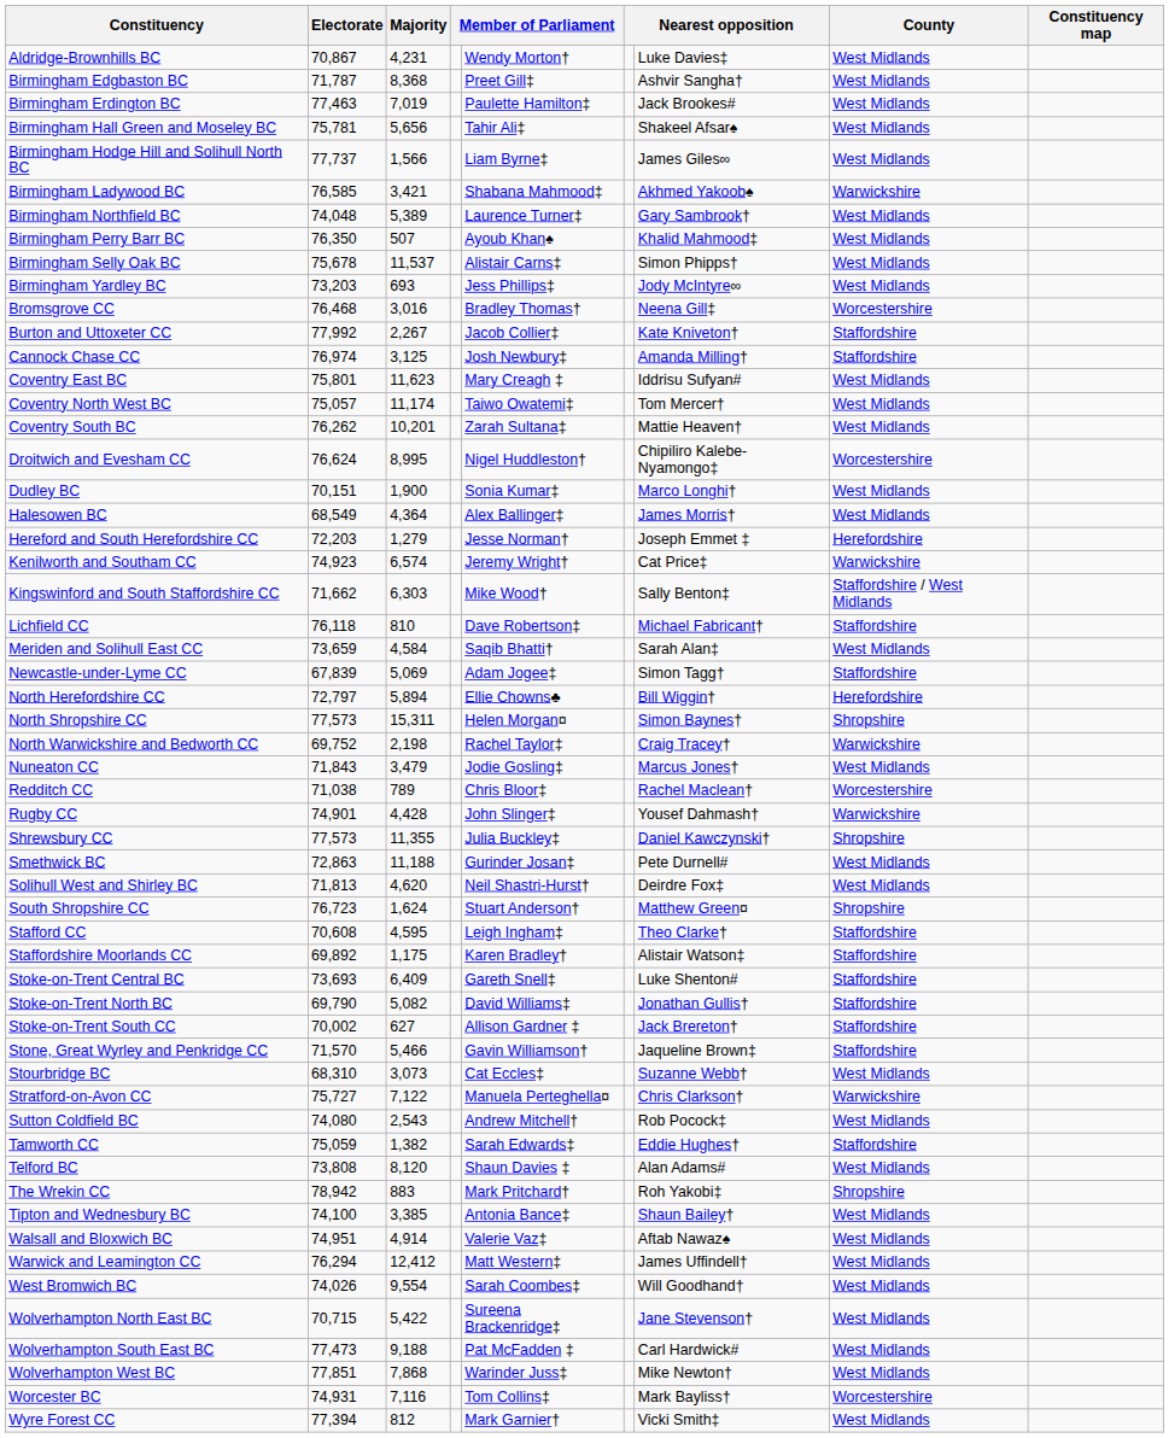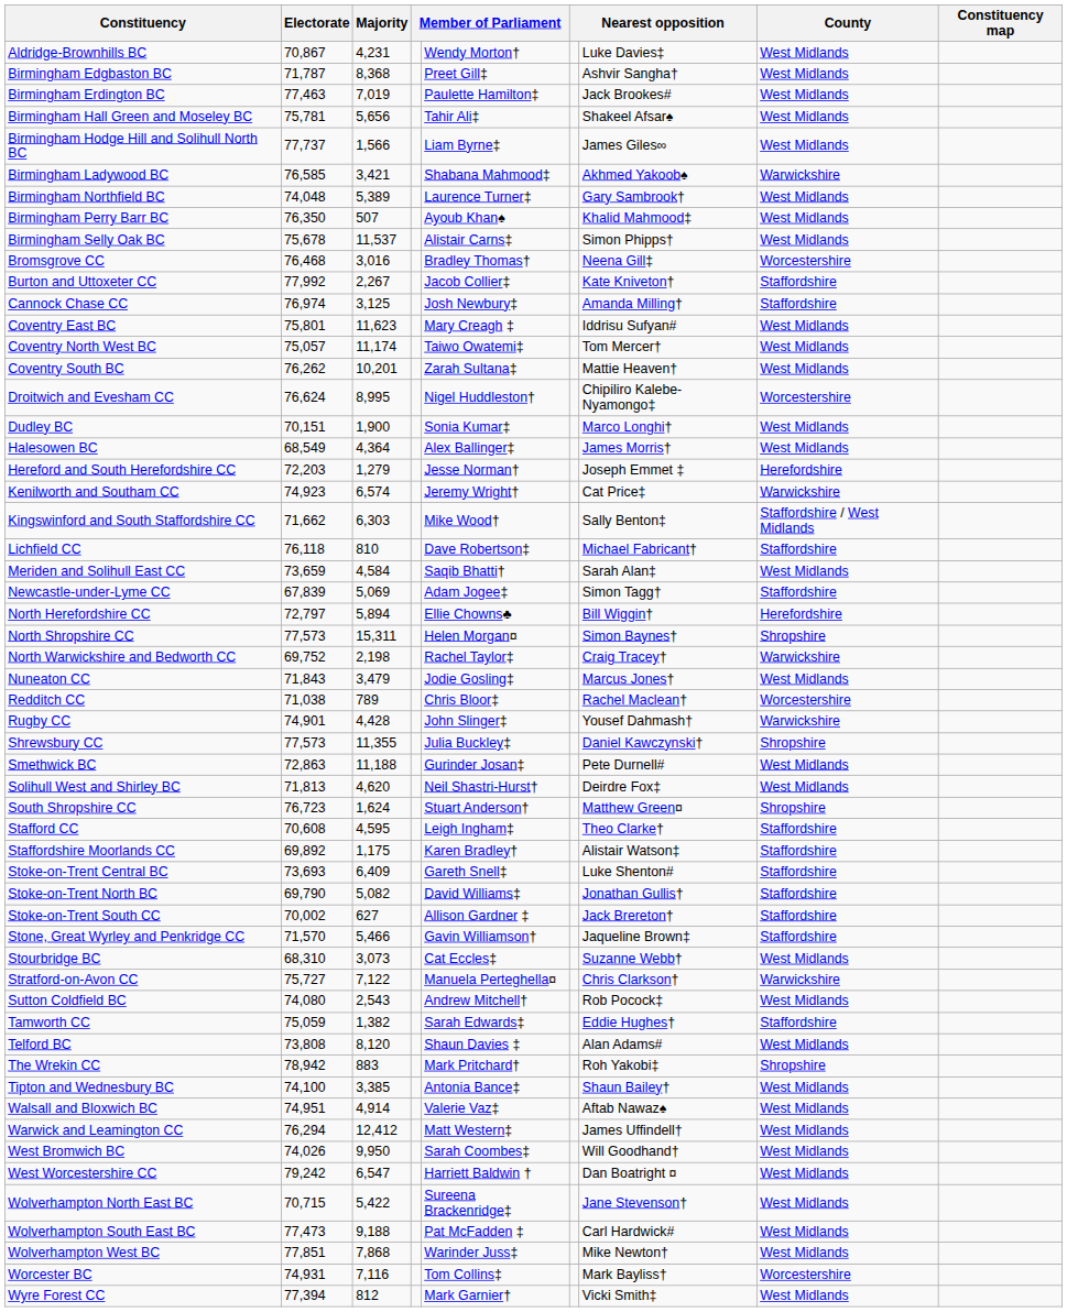 <table class="wikitable sortable">
 <tr>
 <th rowspan="1">Constituency </th>
 <th rowspan="1">Electorate</th>
 <th rowspan="1">Majority</th>
 <th colspan="2" class="unsortable"><a href='#'>Member of Parliament</a></th>
 <th colspan="2" class="unsortable">Nearest opposition</th>
 <th rowspan="1">County</th>
 <th rowspan="1" class="unsortable">Constituency map</th>
 </tr>
 <tr>
 <td><a href='#'>Aldridge-Brownhills BC</a></td>
 <td>70,867</td>
 <td>4,231</td>
 <td style="color:inherit;background:"> </td>
 <td><a href='#'>Wendy Morton</a>†</td>
 <td style="color:inherit;background:"> </td>
 <td>Luke Davies‡</td>
 <td><a href='#'>West Midlands</a></td>
 <td></td>
 </tr>
 <tr>
 <td><a href='#'>Birmingham Edgbaston BC</a></td>
 <td>71,787</td>
 <td>8,368</td>
 <td style="color:inherit;background:"> </td>
 <td><a href='#'>Preet Gill</a>‡</td>
 <td style="color:inherit;background:"></td>
 <td>Ashvir Sangha†</td>
 <td><a href='#'>West Midlands</a></td>
 <td></td>
 </tr>
 <tr>
 <td><a href='#'>Birmingham Erdington BC</a></td>
 <td>77,463</td>
 <td>7,019</td>
 <td style="color:inherit;background:"> </td>
 <td><a href='#'>Paulette Hamilton</a>‡</td>
 <td style="color:inherit;background:"></td>
 <td>Jack Brookes#</td>
 <td><a href='#'>West Midlands</a></td>
 <td></td>
 </tr>
 <tr>
 <td><a href='#'>Birmingham Hall Green and Moseley BC</a></td>
 <td>75,781</td>
 <td>5,656</td>
 <td style="color:inherit;background:"> </td>
 <td><a href='#'>Tahir Ali</a>‡</td>
 <td style="color:inherit;background:"> </td>
 <td>Shakeel Afsar♠</td>
 <td><a href='#'>West Midlands</a></td>
 <td></td>
 </tr>
 <tr>
 <td><a href='#'>Birmingham Hodge Hill and Solihull North BC</a></td>
 <td>77,737</td>
 <td>1,566</td>
 <td style="color:inherit;background:"> </td>
 <td><a href='#'>Liam Byrne</a>‡</td>
 <td style="color:inherit;background:"> </td>
 <td>James Giles∞</td>
 <td><a href='#'>West Midlands</a></td>
 <td></td>
 </tr>
 <tr>
 <td><a href='#'>Birmingham Ladywood BC</a></td>
 <td>76,585</td>
 <td>3,421</td>
 <td style="color:inherit;background:"> </td>
 <td><a href='#'>Shabana Mahmood</a>‡</td>
 <td style="color:inherit;background:"> </td>
 <td><a href='#'>Akhmed Yakoob</a>♠</td>
 <td><a href='#'>Warwickshire</a></td>
 <td></td>
 </tr>
 <tr>
 <td><a href='#'>Birmingham Northfield BC</a></td>
 <td>74,048</td>
 <td>5,389</td>
 <td style="color:inherit;background:"> </td>
 <td><a href='#'>Laurence Turner</a>‡</td>
 <td style="color:inherit;background:"> </td>
 <td><a href='#'>Gary Sambrook</a>†</td>
 <td><a href='#'>West Midlands</a></td>
 <td></td>
 </tr>
 <tr>
 <td><a href='#'>Birmingham Perry Barr BC</a></td>
 <td>76,350</td>
 <td>507</td>
 <td style="color:inherit;background:"> </td>
 <td><a href='#'>Ayoub Khan</a>♠</td>
 <td style="color:inherit;background:"> </td>
 <td><a href='#'>Khalid Mahmood</a>‡</td>
 <td><a href='#'>West Midlands</a></td>
 <td></td>
 </tr>
 <tr>
 <td><a href='#'>Birmingham Selly Oak BC</a></td>
 <td>75,678</td>
 <td>11,537</td>
 <td style="color:inherit;background:"> </td>
 <td><a href='#'>Alistair Carns</a>‡</td>
 <td style="color:inherit;background:"> </td>
 <td>Simon Phipps†</td>
-<td><a href='#'>West Midlands</a></td>
-<td></td>
-</tr>
-<tr>
-<td><a href='#'>Birmingham Yardley BC</a></td>
-<td>73,203</td>
-<td>693</td>
-<td style="color:inherit;background:"> </td>
-<td><a href='#'>Jess Phillips</a>‡</td>
-<td style="color:inherit;background:"> </td>
-<td><a href='#'>Jody McIntyre</a>∞</td>
 <td><a href='#'>West Midlands</a></td>
 <td></td>
 </tr>
 <tr>
 <td><a href='#'>Bromsgrove CC</a></td>
 <td>76,468</td>
 <td>3,016</td>
 <td style="color:inherit;background:"> </td>
 <td><a href='#'>Bradley Thomas</a>†</td>
 <td style="color:inherit;background:"> </td>
 <td><a href='#'>Neena Gill</a>‡</td>
 <td><a href='#'>Worcestershire</a></td>
 <td></td>
 </tr>
 <tr>
 <td><a href='#'>Burton and Uttoxeter CC</a></td>
 <td>77,992</td>
 <td>2,267</td>
 <td style="color:inherit;background:"> </td>
 <td><a href='#'>Jacob Collier</a>‡</td>
 <td style="color:inherit;background:"> </td>
 <td><a href='#'>Kate Kniveton</a>†</td>
 <td><a href='#'>Staffordshire</a></td>
 <td></td>
 </tr>
 <tr>
 <td><a href='#'>Cannock Chase CC</a></td>
 <td>76,974</td>
 <td>3,125</td>
 <td style="color:inherit;background:"> </td>
 <td><a href='#'>Josh Newbury</a>‡</td>
 <td style="color:inherit;background:"> </td>
 <td><a href='#'>Amanda Milling</a>†</td>
 <td><a href='#'>Staffordshire</a></td>
 <td></td>
 </tr>
 <tr>
 <td><a href='#'>Coventry East BC</a></td>
 <td>75,801</td>
 <td>11,623</td>
 <td style="color:inherit;background:"> </td>
 <td><a href='#'>Mary Creagh</a> ‡</td>
 <td style="color:inherit;background:"> </td>
 <td>Iddrisu Sufyan#</td>
 <td><a href='#'>West Midlands</a></td>
 <td></td>
 </tr>
 <tr>
 <td><a href='#'>Coventry North West BC</a></td>
 <td>75,057</td>
 <td>11,174</td>
 <td style="color:inherit;background:"> </td>
 <td><a href='#'>Taiwo Owatemi</a>‡</td>
 <td style="color:inherit;background:"> </td>
 <td>Tom Mercer†</td>
 <td><a href='#'>West Midlands</a></td>
 <td></td>
 </tr>
 <tr>
 <td><a href='#'>Coventry South BC</a></td>
 <td>76,262</td>
 <td>10,201</td>
 <td style="color:inherit;background:"> </td>
 <td><a href='#'>Zarah Sultana</a>‡</td>
 <td style="color:inherit;background:"> </td>
 <td>Mattie Heaven†</td>
 <td><a href='#'>West Midlands</a></td>
 <td></td>
 </tr>
 <tr>
 <td><a href='#'>Droitwich and Evesham CC</a></td>
 <td>76,624</td>
 <td>8,995</td>
 <td style="color:inherit;background:"> </td>
 <td><a href='#'>Nigel Huddleston</a>†</td>
 <td style="color:inherit;background:"> </td>
 <td>Chipiliro Kalebe-Nyamongo‡</td>
 <td><a href='#'>Worcestershire</a></td>
 <td></td>
 </tr>
 <tr>
 <td><a href='#'>Dudley BC</a></td>
 <td>70,151</td>
 <td>1,900</td>
 <td style="color:inherit;background:"> </td>
 <td><a href='#'>Sonia Kumar</a>‡</td>
 <td style="color:inherit;background:"> </td>
 <td><a href='#'>Marco Longhi</a>†</td>
 <td><a href='#'>West Midlands</a></td>
 <td></td>
 </tr>
 <tr>
 <td><a href='#'>Halesowen BC</a></td>
 <td>68,549</td>
 <td>4,364</td>
 <td style="color:inherit;background:"> </td>
 <td><a href='#'>Alex Ballinger</a>‡</td>
 <td style="color:inherit;background:"> </td>
 <td><a href='#'>James Morris</a>†</td>
 <td><a href='#'>West Midlands</a></td>
 <td></td>
 </tr>
 <tr>
 <td><a href='#'>Hereford and South Herefordshire CC</a></td>
 <td>72,203</td>
 <td>1,279</td>
 <td style="color:inherit;background:"></td>
 <td><a href='#'>Jesse Norman</a>†</td>
 <td style="color:inherit;background:"></td>
 <td>Joseph Emmet ‡</td>
 <td><a href='#'>Herefordshire</a></td>
 <td></td>
 </tr>
 <tr>
 <td><a href='#'>Kenilworth and Southam CC</a></td>
 <td>74,923</td>
 <td>6,574</td>
 <td style="color:inherit;background:"> </td>
 <td><a href='#'>Jeremy Wright</a>†</td>
 <td style="color:inherit;background:"> </td>
 <td>Cat Price‡</td>
 <td><a href='#'>Warwickshire</a></td>
 <td></td>
 </tr>
 <tr>
 <td><a href='#'>Kingswinford and South Staffordshire CC</a></td>
 <td>71,662</td>
 <td>6,303</td>
 <td style="color:inherit;background:"> </td>
 <td><a href='#'>Mike Wood</a>†</td>
 <td style="color:inherit;background:"> </td>
 <td>Sally Benton‡</td>
 <td><a href='#'>Staffordshire</a> / <a href='#'>West Midlands</a></td>
 <td></td>
 </tr>
 <tr>
 <td><a href='#'>Lichfield CC</a></td>
 <td>76,118</td>
 <td>810</td>
 <td style="color:inherit;background:"> </td>
 <td><a href='#'>Dave Robertson</a>‡</td>
 <td style="color:inherit;background:"> </td>
 <td><a href='#'>Michael Fabricant</a>†</td>
 <td><a href='#'>Staffordshire</a></td>
 <td></td>
 </tr>
 <tr>
 <td><a href='#'>Meriden and Solihull East CC</a></td>
 <td>73,659</td>
 <td>4,584</td>
 <td style="color:inherit;background:"> </td>
 <td><a href='#'>Saqib Bhatti</a>†</td>
 <td style="color:inherit;background:"> </td>
 <td>Sarah Alan‡</td>
 <td><a href='#'>West Midlands</a></td>
 <td></td>
 </tr>
 <tr>
 <td><a href='#'>Newcastle-under-Lyme CC</a></td>
 <td>67,839</td>
 <td>5,069</td>
 <td style="color:inherit;background:"> </td>
 <td><a href='#'>Adam Jogee</a>‡</td>
 <td style="color:inherit;background:"> </td>
 <td>Simon Tagg†</td>
 <td><a href='#'>Staffordshire</a></td>
 <td></td>
 </tr>
 <tr>
 <td><a href='#'>North Herefordshire CC</a></td>
 <td>72,797</td>
 <td>5,894</td>
 <td style="color:inherit;background:"></td>
 <td><a href='#'>Ellie Chowns</a>♣</td>
 <td style="color:inherit;background:"></td>
 <td><a href='#'>Bill Wiggin</a>†</td>
 <td><a href='#'>Herefordshire</a></td>
 <td></td>
 </tr>
 <tr>
 <td><a href='#'>North Shropshire CC</a></td>
 <td>77,573</td>
 <td>15,311</td>
 <td style="color:inherit;background:"></td>
 <td><a href='#'>Helen Morgan</a>¤</td>
 <td style="color:inherit;background:"> </td>
 <td><a href='#'>Simon Baynes</a>†</td>
 <td><a href='#'>Shropshire</a></td>
 <td></td>
 </tr>
 <tr>
 <td><a href='#'>North Warwickshire and Bedworth CC</a></td>
 <td>69,752</td>
 <td>2,198</td>
 <td style="color:inherit;background:"> </td>
 <td><a href='#'>Rachel Taylor</a>‡</td>
 <td style="color:inherit;background:"> </td>
 <td><a href='#'>Craig Tracey</a>†</td>
 <td><a href='#'>Warwickshire</a></td>
 <td></td>
 </tr>
 <tr>
 <td><a href='#'>Nuneaton CC</a></td>
 <td>71,843</td>
 <td>3,479</td>
 <td style="color:inherit;background:"> </td>
 <td><a href='#'>Jodie Gosling</a>‡</td>
 <td style="color:inherit;background:"> </td>
 <td><a href='#'>Marcus Jones</a>†</td>
 <td><a href='#'>West Midlands</a></td>
 <td></td>
 </tr>
 <tr>
 <td><a href='#'>Redditch CC</a></td>
 <td>71,038</td>
 <td>789</td>
 <td style="color:inherit;background:"></td>
 <td><a href='#'>Chris Bloor</a>‡</td>
 <td style="color:inherit;background:"></td>
 <td><a href='#'>Rachel Maclean</a>†</td>
 <td><a href='#'>Worcestershire</a></td>
 <td></td>
 </tr>
 <tr>
 <td><a href='#'>Rugby CC</a></td>
 <td>74,901</td>
 <td>4,428</td>
 <td style="color:inherit;background:"> </td>
 <td><a href='#'>John Slinger</a>‡</td>
 <td style="color:inherit;background:"> </td>
 <td>Yousef Dahmash†</td>
 <td><a href='#'>Warwickshire</a></td>
 <td></td>
 </tr>
 <tr>
 <td><a href='#'>Shrewsbury CC</a></td>
 <td>77,573</td>
 <td>11,355</td>
 <td style="color:inherit;background:"></td>
 <td><a href='#'>Julia Buckley</a>‡</td>
 <td style="color:inherit;background:"> </td>
 <td><a href='#'>Daniel Kawczynski</a>†</td>
 <td><a href='#'>Shropshire</a></td>
 <td></td>
 </tr>
 <tr>
 <td><a href='#'>Smethwick BC</a></td>
 <td>72,863</td>
 <td>11,188</td>
 <td style="color:inherit;background:"></td>
 <td><a href='#'>Gurinder Josan</a>‡</td>
 <td style="color:inherit;background:"> </td>
 <td>Pete Durnell#</td>
 <td><a href='#'>West Midlands</a></td>
 <td></td>
 </tr>
 <tr>
 <td><a href='#'>Solihull West and Shirley BC</a></td>
 <td>71,813</td>
 <td>4,620</td>
 <td style="color:inherit;background:"></td>
 <td><a href='#'>Neil Shastri-Hurst</a>†</td>
 <td style="color:inherit;background:"> </td>
 <td>Deirdre Fox‡</td>
 <td><a href='#'>West Midlands</a></td>
 <td></td>
 </tr>
 <tr>
 <td><a href='#'>South Shropshire CC</a></td>
 <td>76,723</td>
 <td>1,624</td>
 <td style="color:inherit;background:"> </td>
 <td><a href='#'>Stuart Anderson</a>†</td>
 <td style="color:inherit;background:"></td>
 <td><a href='#'>Matthew Green</a>¤</td>
 <td><a href='#'>Shropshire</a></td>
 <td></td>
 </tr>
 <tr>
 <td><a href='#'>Stafford CC</a></td>
 <td>70,608</td>
 <td>4,595</td>
 <td style="color:inherit;background:"> </td>
 <td><a href='#'>Leigh Ingham</a>‡</td>
 <td style="color:inherit;background:"> </td>
 <td><a href='#'>Theo Clarke</a>†</td>
 <td><a href='#'>Staffordshire</a></td>
 <td></td>
 </tr>
 <tr>
 <td><a href='#'>Staffordshire Moorlands CC</a></td>
 <td>69,892</td>
 <td>1,175</td>
 <td style="color:inherit;background:"> </td>
 <td><a href='#'>Karen Bradley</a>†</td>
 <td style="color:inherit;background:"> </td>
 <td>Alistair Watson‡</td>
 <td><a href='#'>Staffordshire</a></td>
 <td></td>
 </tr>
 <tr>
 <td><a href='#'>Stoke-on-Trent Central BC</a></td>
 <td>73,693</td>
 <td>6,409</td>
 <td style="color:inherit;background:"> </td>
 <td><a href='#'>Gareth Snell</a>‡</td>
 <td style="color:inherit;background:"> </td>
 <td>Luke Shenton#</td>
 <td><a href='#'>Staffordshire</a></td>
 <td></td>
 </tr>
 <tr>
 <td><a href='#'>Stoke-on-Trent North BC</a></td>
 <td>69,790</td>
 <td>5,082</td>
 <td style="color:inherit;background:"> </td>
 <td><a href='#'>David Williams</a>‡</td>
 <td style="color:inherit;background:"> </td>
 <td><a href='#'>Jonathan Gullis</a>†</td>
 <td><a href='#'>Staffordshire</a></td>
 <td></td>
 </tr>
 <tr>
 <td><a href='#'>Stoke-on-Trent South CC</a></td>
 <td>70,002</td>
 <td>627</td>
 <td style="color:inherit;background:"> </td>
 <td><a href='#'>Allison Gardner</a> ‡</td>
 <td style="color:inherit;background:"> </td>
 <td><a href='#'>Jack Brereton</a>†</td>
 <td><a href='#'>Staffordshire</a></td>
 <td></td>
 </tr>
 <tr>
 <td><a href='#'>Stone, Great Wyrley and Penkridge CC</a></td>
 <td>71,570</td>
 <td>5,466</td>
 <td style="color:inherit;background:"> </td>
 <td><a href='#'>Gavin Williamson</a>†</td>
 <td style="color:inherit;background:"> </td>
 <td>Jaqueline Brown‡</td>
 <td><a href='#'>Staffordshire</a></td>
 <td></td>
 </tr>
 <tr>
 <td><a href='#'>Stourbridge BC</a></td>
 <td>68,310</td>
 <td>3,073</td>
 <td style="color:inherit;background:"> </td>
 <td><a href='#'>Cat Eccles</a>‡</td>
 <td style="color:inherit;background:"> </td>
 <td><a href='#'>Suzanne Webb</a>†</td>
 <td><a href='#'>West Midlands</a></td>
 <td></td>
 </tr>
 <tr>
 <td><a href='#'>Stratford-on-Avon CC</a></td>
 <td>75,727</td>
 <td>7,122</td>
 <td style="color:inherit;background:"> </td>
 <td><a href='#'>Manuela Perteghella</a>¤</td>
 <td style="color:inherit;background:"> </td>
 <td><a href='#'>Chris Clarkson</a>†</td>
 <td><a href='#'>Warwickshire</a></td>
 <td></td>
 </tr>
 <tr>
 <td><a href='#'>Sutton Coldfield BC</a></td>
 <td>74,080</td>
 <td>2,543</td>
 <td style="color:inherit;background:"> </td>
 <td><a href='#'>Andrew Mitchell</a>†</td>
 <td style="color:inherit;background:"> </td>
 <td>Rob Pocock‡</td>
 <td><a href='#'>West Midlands</a></td>
 <td></td>
 </tr>
 <tr>
 <td><a href='#'>Tamworth CC</a></td>
 <td>75,059</td>
 <td>1,382</td>
 <td style="color:inherit;background:"> </td>
 <td><a href='#'>Sarah Edwards</a>‡</td>
 <td style="color:inherit;background:"> </td>
 <td><a href='#'>Eddie Hughes</a>†</td>
 <td><a href='#'>Staffordshire</a></td>
 <td></td>
 </tr>
 <tr>
 <td><a href='#'>Telford BC</a></td>
 <td>73,808</td>
 <td>8,120</td>
 <td style="color:inherit;background:"></td>
 <td><a href='#'>Shaun Davies</a> ‡</td>
 <td style="color:inherit;background:"></td>
 <td>Alan Adams#</td>
 <td><a href='#'>West Midlands</a></td>
 <td></td>
 </tr>
 <tr>
 <td><a href='#'>The Wrekin CC</a></td>
 <td>78,942</td>
 <td>883</td>
 <td style="color:inherit;background:"></td>
 <td><a href='#'>Mark Pritchard</a>†</td>
 <td style="color:inherit;background:"></td>
 <td>Roh Yakobi‡</td>
 <td><a href='#'>Shropshire</a></td>
 <td></td>
 </tr>
 <tr>
 <td><a href='#'>Tipton and Wednesbury BC</a></td>
 <td>74,100</td>
 <td>3,385</td>
 <td style="color:inherit;background:"> </td>
 <td><a href='#'>Antonia Bance</a>‡</td>
 <td style="color:inherit;background:"> </td>
 <td><a href='#'>Shaun Bailey</a>†</td>
 <td><a href='#'>West Midlands</a></td>
 <td></td>
 </tr>
 <tr>
 <td><a href='#'>Walsall and Bloxwich BC</a></td>
 <td>74,951</td>
 <td>4,914</td>
 <td style="color:inherit;background:"> </td>
 <td><a href='#'>Valerie Vaz</a>‡</td>
 <td style="color:inherit;background:"> </td>
 <td>Aftab Nawaz♠</td>
 <td><a href='#'>West Midlands</a></td>
 <td></td>
 </tr>
 <tr>
 <td><a href='#'>Warwick and Leamington CC</a></td>
 <td>76,294</td>
 <td>12,412</td>
 <td style="color:inherit;background:"> </td>
 <td><a href='#'>Matt Western</a>‡</td>
 <td style="color:inherit;background:"> </td>
 <td>James Uffindell†</td>
 <td><a href='#'>West Midlands</a></td>
 <td></td>
 </tr>
 <tr>
 <td><a href='#'>West Bromwich BC</a></td>
 <td>74,026</td>
-<td>9,554</td>
+<td>9,950</td>
 <td style="color:inherit;background:"> </td>
 <td><a href='#'>Sarah Coombes</a>‡</td>
 <td style="color:inherit;background:"> </td>
 <td>Will Goodhand†</td>
+<td><a href='#'>West Midlands</a></td>
+<td></td>
+</tr>
+<tr>
+<td><a href='#'>West Worcestershire CC</a></td>
+<td>79,242</td>
+<td>6,547</td>
+<td style="color:inherit;background:"> </td>
+<td><a href='#'>Harriett Baldwin</a> †</td>
+<td style="color:inherit;background:"> </td>
+<td>Dan Boatright ¤</td>
 <td><a href='#'>West Midlands</a></td>
 <td></td>
 </tr>
 <tr>
 <td><a href='#'>Wolverhampton North East BC</a></td>
 <td>70,715</td>
 <td>5,422</td>
 <td style="color:inherit;background:"> </td>
 <td><a href='#'>Sureena Brackenridge</a>‡</td>
 <td style="color:inherit;background:"> </td>
 <td><a href='#'>Jane Stevenson</a>†</td>
 <td><a href='#'>West Midlands</a></td>
 <td></td>
 </tr>
 <tr>
 <td><a href='#'>Wolverhampton South East BC</a></td>
 <td>77,473</td>
 <td>9,188</td>
 <td style="color:inherit;background:"> </td>
 <td><a href='#'>Pat McFadden</a> ‡</td>
 <td style="color:inherit;background:"> </td>
 <td>Carl Hardwick#</td>
 <td><a href='#'>West Midlands</a></td>
 <td></td>
 </tr>
 <tr>
 <td><a href='#'>Wolverhampton West BC</a></td>
 <td>77,851</td>
 <td>7,868</td>
 <td style="color:inherit;background:"> </td>
 <td><a href='#'>Warinder Juss</a>‡</td>
 <td style="color:inherit;background:"> </td>
 <td>Mike Newton†</td>
 <td><a href='#'>West Midlands</a></td>
 <td></td>
 </tr>
 <tr>
 <td><a href='#'>Worcester BC</a></td>
 <td>74,931</td>
 <td>7,116</td>
 <td style="color:inherit;background:"> </td>
 <td><a href='#'>Tom Collins</a>‡</td>
 <td style="color:inherit;background:"> </td>
 <td>Mark Bayliss†</td>
 <td><a href='#'>Worcestershire</a></td>
 <td></td>
 </tr>
 <tr>
 <td><a href='#'>Wyre Forest CC</a></td>
 <td>77,394</td>
 <td>812</td>
 <td style="color:inherit;background:"></td>
 <td><a href='#'>Mark Garnier</a>†</td>
 <td style="color:inherit;background:"></td>
 <td>Vicki Smith‡</td>
 <td><a href='#'>West Midlands</a></td>
 <td></td>
 </tr>
 </table>
